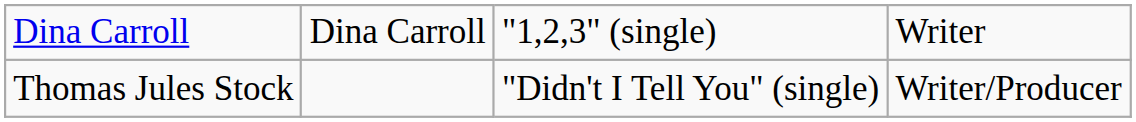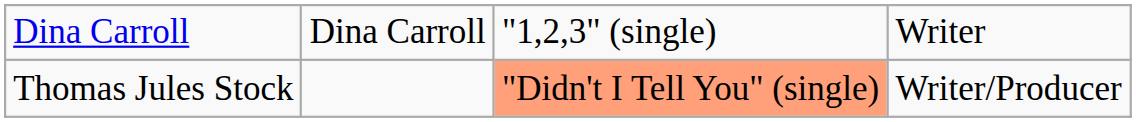 <table class="wikitable">
 <tr>
 <td><a href='#'>Dina Carroll</a></td>
 <td>Dina Carroll</td>
 <td>"1,2,3" (single)</td>
 <td>Writer</td>
 </tr>
 <tr>
 <td>Thomas Jules Stock</td>
 <td></td>
-<td>"Didn't I Tell You" (single)</td>
+<td style="background: lightsalmon;">"Didn't I Tell You" (single)</td>
 <td>Writer/Producer</td>
 </tr>
 </table>
